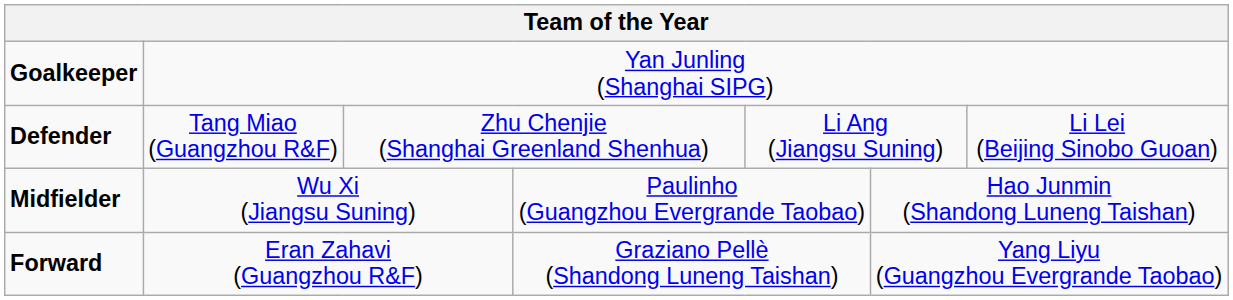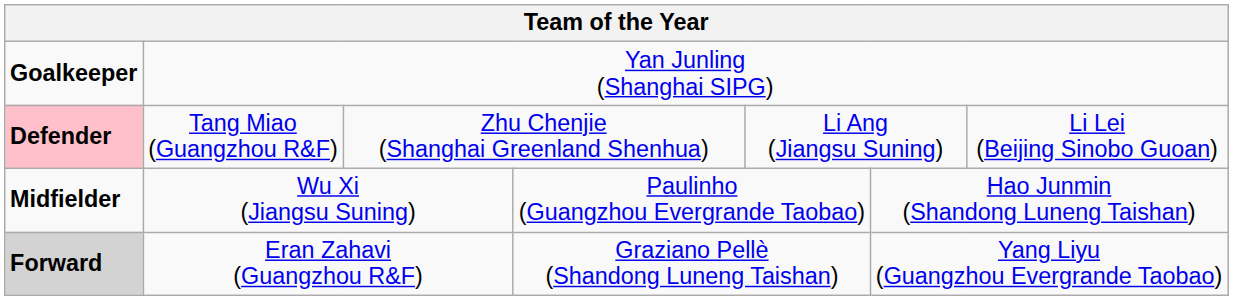 <table class="wikitable">
 <tr>
 <th colspan="13">Team of the Year</th>
 </tr>
 <tr>
 <td><strong>Goalkeeper</strong></td>
 <td colspan="12" align="center"> <a href='#'>Yan Junling</a> <br>(<a href='#'>Shanghai SIPG</a>)</td>
 </tr>
 <tr>
-<td><strong>Defender</strong></td>
+<td style="background: pink;"><strong>Defender</strong></td>
 <td colspan="3" align="center"> <a href='#'>Tang Miao</a> <br>(<a href='#'>Guangzhou R&F</a>)</td>
 <td colspan="3" align="center"> <a href='#'>Zhu Chenjie</a> <br>(<a href='#'>Shanghai Greenland Shenhua</a>)</td>
 <td colspan="3" align="center"> <a href='#'>Li Ang</a> <br>(<a href='#'>Jiangsu Suning</a>)</td>
 <td colspan="3" align="center"> <a href='#'>Li Lei</a> <br>(<a href='#'>Beijing Sinobo Guoan</a>)</td>
 </tr>
 <tr>
 <td><strong>Midfielder</strong></td>
 <td colspan="4" align="center"> <a href='#'>Wu Xi</a> <br>(<a href='#'>Jiangsu Suning</a>)</td>
 <td colspan="4" align="center"> <a href='#'>Paulinho</a> <br>(<a href='#'>Guangzhou Evergrande Taobao</a>)</td>
 <td colspan="4" align="center"> <a href='#'>Hao Junmin</a> <br>(<a href='#'>Shandong Luneng Taishan</a>)</td>
 </tr>
 <tr>
-<td><strong>Forward</strong></td>
+<td style="background: lightgrey;"><strong>Forward</strong></td>
 <td colspan="4" align="center"> <a href='#'>Eran Zahavi</a> <br>(<a href='#'>Guangzhou R&F</a>)</td>
 <td colspan="4" align="center"> <a href='#'>Graziano Pellè</a> <br>(<a href='#'>Shandong Luneng Taishan</a>)</td>
 <td colspan="4" align="center"> <a href='#'>Yang Liyu</a> <br>(<a href='#'>Guangzhou Evergrande Taobao</a>)</td>
 </tr>
 </table>
